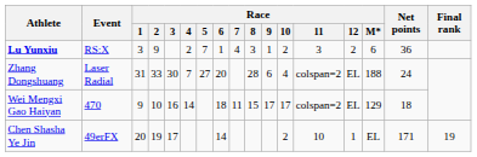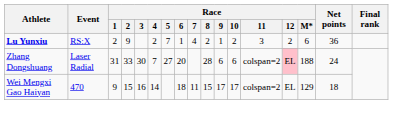 <table class="wikitable" style="font-size:90%">
 <tr>
 <th rowspan="2">Athlete</th>
 <th rowspan="2">Event</th>
 <th colspan=13>Race</th>
 <th rowspan=2>Net points</th>
 <th rowspan=2>Final rank</th>
 </tr>
 <tr style="font-size:95%">
 <th>1</th>
 <th>2</th>
 <th>3</th>
 <th>4</th>
 <th>5</th>
 <th>6</th>
 <th>7</th>
 <th>8</th>
 <th>9</th>
 <th>10</th>
 <th>11</th>
 <th>12</th>
 <th>M*</th>
 </tr>
 <tr align=center>
 <td align=left><strong><a href='#'>Lu Yunxiu</a></strong></td>
 <td align=left><a href='#'>RS:X</a></td>
-<td>3</td>
+<td>2</td>
 <td>9</td>
 <td></td>
 <td>2</td>
 <td>7</td>
 <td>1</td>
 <td>4</td>
-<td>3</td>
+<td>2</td>
 <td>1</td>
 <td>2</td>
 <td>3</td>
 <td>2</td>
 <td>6</td>
 <td>36</td>
 <td></td>
 </tr>
 <tr align=center>
 <td align=left><a href='#'>Zhang Dongshuang</a></td>
 <td align=left><a href='#'>Laser Radial</a></td>
 <td>31</td>
 <td>33</td>
 <td>30</td>
 <td>7</td>
 <td>27</td>
 <td>20</td>
 <td></td>
 <td>28</td>
 <td>6</td>
-<td>4</td>
+<td>6</td>
 <td>colspan=2 </td>
-<td>EL</td>
+<td style="background: pink;">EL</td>
 <td>188</td>
 <td>24</td>
 </tr>
 <tr align=center>
 <td align=left><a href='#'>Wei Mengxi</a><br><a href='#'>Gao Haiyan</a></td>
 <td align=left><a href='#'>470</a></td>
 <td>9</td>
-<td>10</td>
+<td>15</td>
 <td>16</td>
 <td>14</td>
 <td></td>
 <td>18</td>
 <td>11</td>
 <td>15</td>
 <td>17</td>
 <td>17</td>
 <td>colspan=2 </td>
 <td>EL</td>
 <td>129</td>
 <td>18</td>
 </tr>
-<tr align=center>
-<td align=left><a href='#'>Chen Shasha</a><br><a href='#'>Ye Jin</a></td>
-<td align=left><a href='#'>49erFX</a></td>
-<td>20</td>
-<td>19</td>
-<td>17</td>
-<td></td>
-<td></td>
-<td>14</td>
-<td></td>
-<td></td>
-<td></td>
-<td>2</td>
-<td>10</td>
-<td>1</td>
-<td>EL</td>
-<td>171</td>
-<td>19</td>
-</tr>
 </table>
